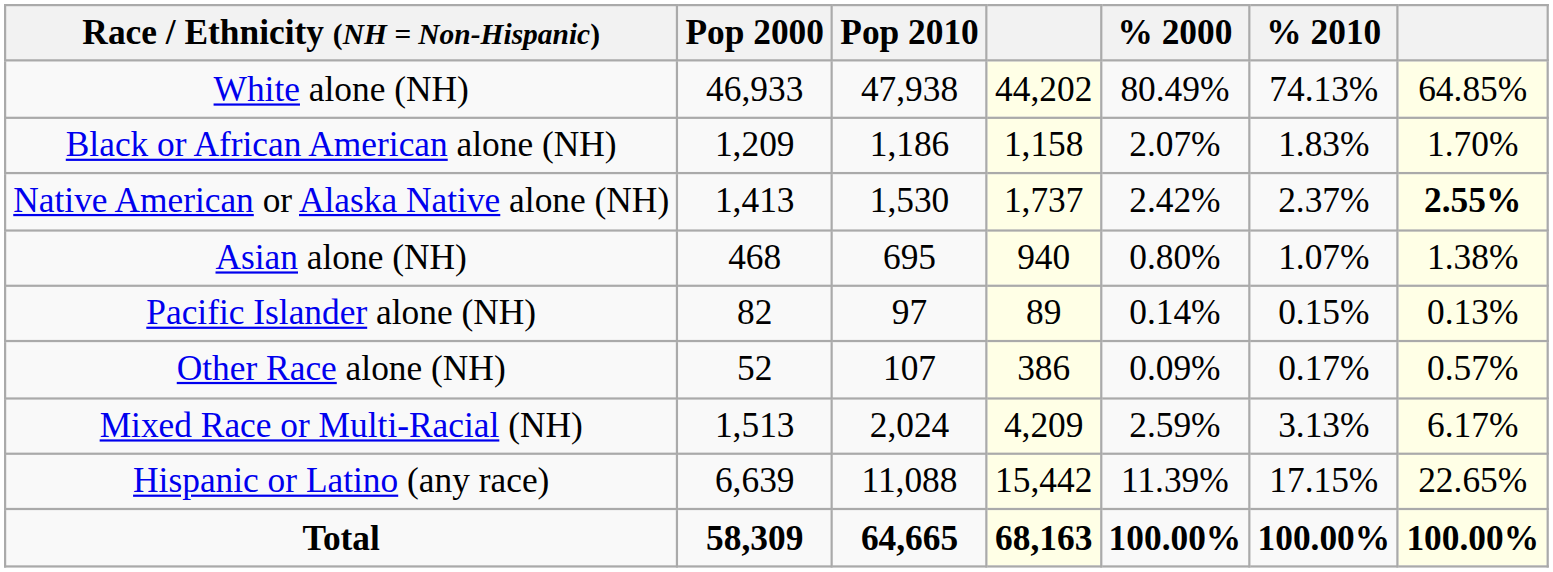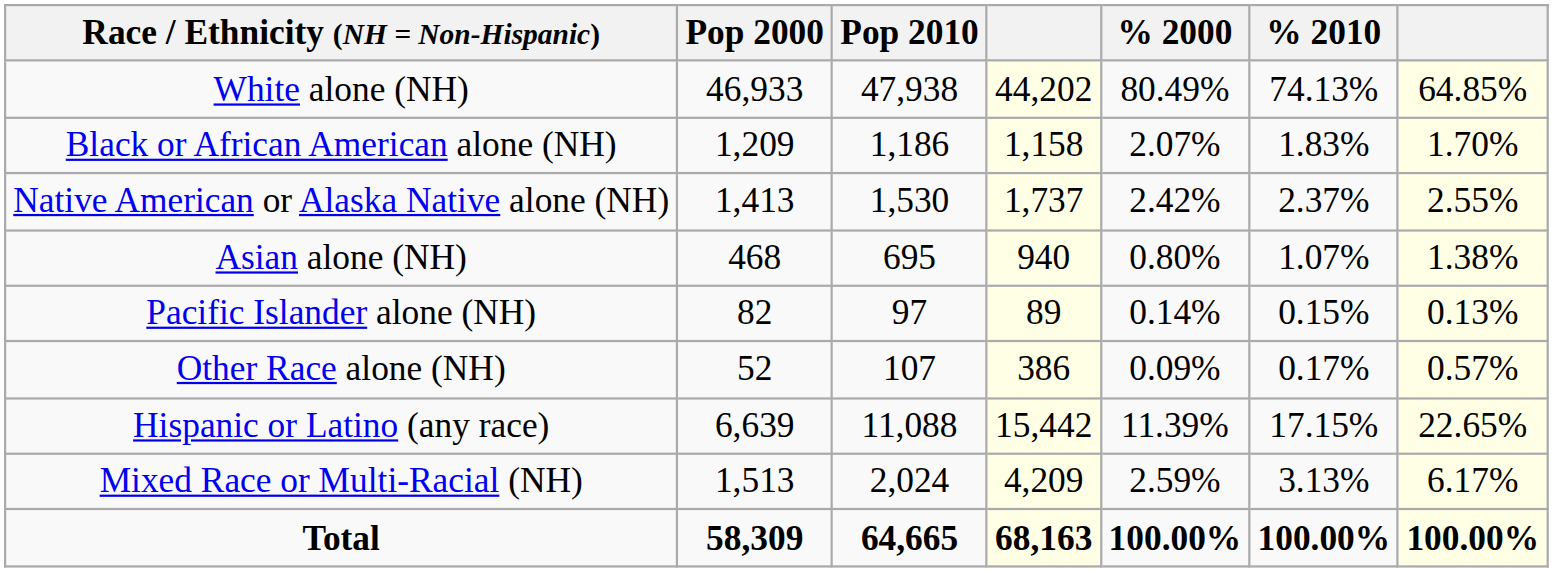 <table class="wikitable" style="text-align:center;">
 <tr>
 <th>Race / Ethnicity <small>(<em>NH = Non-Hispanic</em>)</small></th>
 <th>Pop 2000</th>
 <th>Pop 2010</th>
 <th></th>
 <th>% 2000</th>
 <th>% 2010</th>
 <th></th>
 </tr>
 <tr>
 <td><a href='#'>White</a> alone (NH)</td>
 <td>46,933</td>
 <td>47,938</td>
 <td style='background: #ffffe6;'>44,202</td>
 <td>80.49%</td>
 <td>74.13%</td>
 <td style='background: #ffffe6;'>64.85%</td>
 </tr>
 <tr>
 <td><a href='#'>Black or African American</a> alone (NH)</td>
 <td>1,209</td>
 <td>1,186</td>
 <td style='background: #ffffe6;'>1,158</td>
 <td>2.07%</td>
 <td>1.83%</td>
 <td style='background: #ffffe6;'>1.70%</td>
 </tr>
 <tr>
 <td><a href='#'>Native American</a> or <a href='#'>Alaska Native</a> alone (NH)</td>
 <td>1,413</td>
 <td>1,530</td>
 <td style='background: #ffffe6;'>1,737</td>
 <td>2.42%</td>
 <td>2.37%</td>
-<td style='background: #ffffe6;'><strong>2.55%</strong></td>
+<td style='background: #ffffe6;'>2.55%</td>
 </tr>
 <tr>
 <td><a href='#'>Asian</a> alone (NH)</td>
 <td>468</td>
 <td>695</td>
 <td style='background: #ffffe6;'>940</td>
 <td>0.80%</td>
 <td>1.07%</td>
 <td style='background: #ffffe6;'>1.38%</td>
 </tr>
 <tr>
 <td><a href='#'>Pacific Islander</a> alone (NH)</td>
 <td>82</td>
 <td>97</td>
 <td style='background: #ffffe6;'>89</td>
 <td>0.14%</td>
 <td>0.15%</td>
 <td style='background: #ffffe6;'>0.13%</td>
 </tr>
 <tr>
 <td><a href='#'>Other Race</a> alone (NH)</td>
 <td>52</td>
 <td>107</td>
 <td style='background: #ffffe6;'>386</td>
 <td>0.09%</td>
 <td>0.17%</td>
 <td style='background: #ffffe6;'>0.57%</td>
 </tr>
 <tr>
+<td><a href='#'>Hispanic or Latino</a> (any race)</td>
+<td>6,639</td>
+<td>11,088</td>
+<td style='background: #ffffe6;'>15,442</td>
+<td>11.39%</td>
+<td>17.15%</td>
+<td style='background: #ffffe6;'>22.65%</td>
+</tr>
+<tr>
 <td><a href='#'>Mixed Race or Multi-Racial</a> (NH)</td>
 <td>1,513</td>
 <td>2,024</td>
 <td style='background: #ffffe6;'>4,209</td>
 <td>2.59%</td>
 <td>3.13%</td>
 <td style='background: #ffffe6;'>6.17%</td>
-</tr>
-<tr>
-<td><a href='#'>Hispanic or Latino</a> (any race)</td>
-<td>6,639</td>
-<td>11,088</td>
-<td style='background: #ffffe6;'>15,442</td>
-<td>11.39%</td>
-<td>17.15%</td>
-<td style='background: #ffffe6;'>22.65%</td>
 </tr>
 <tr>
 <td><strong>Total</strong></td>
 <td><strong>58,309</strong></td>
 <td><strong>64,665</strong></td>
 <td style='background: #ffffe6;'><strong>68,163</strong></td>
 <td><strong>100.00%</strong></td>
 <td><strong>100.00%</strong></td>
 <td style='background: #ffffe6;'><strong>100.00%</strong></td>
 </tr>
 </table>
